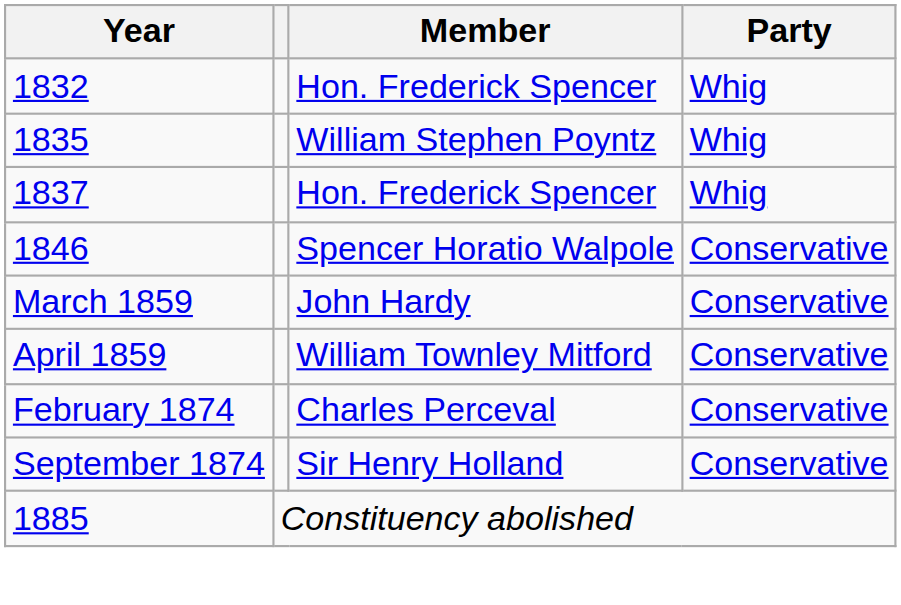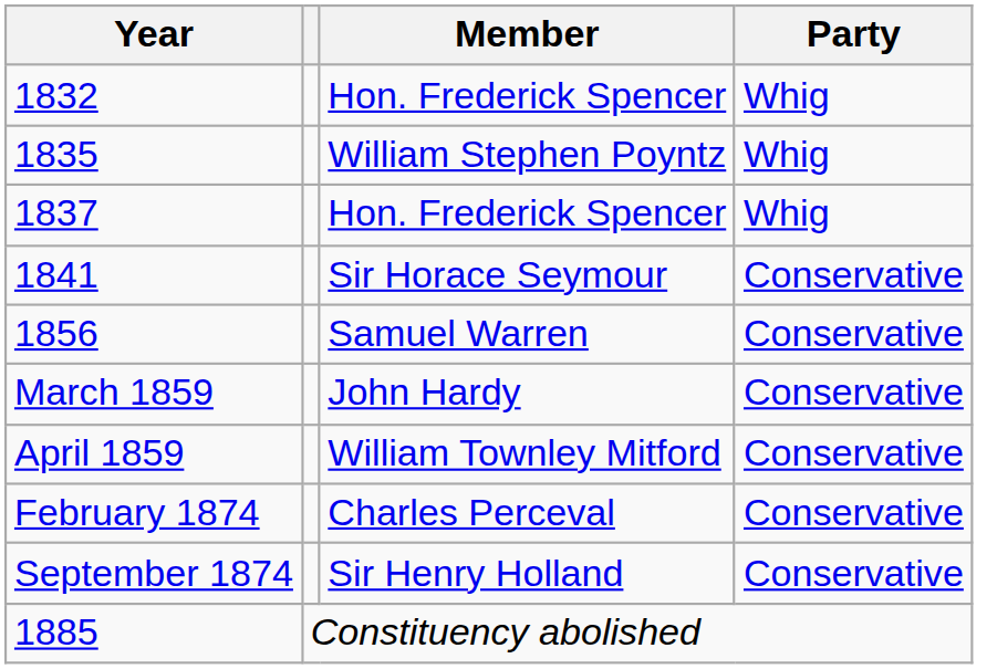 <table class="wikitable">
 <tr>
 <th>Year</th>
 <th></th>
 <th>Member</th>
 <th>Party</th>
 </tr>
 <tr>
 <td><a href='#'>1832</a></td>
 <td style="color:inherit;background-color: "></td>
 <td><a href='#'>Hon. Frederick Spencer</a></td>
 <td><a href='#'>Whig</a></td>
 </tr>
 <tr>
 <td><a href='#'>1835</a></td>
 <td style="color:inherit;background-color: "></td>
 <td><a href='#'>William Stephen Poyntz</a></td>
 <td><a href='#'>Whig</a></td>
 </tr>
 <tr>
 <td><a href='#'>1837</a></td>
 <td style="color:inherit;background-color: "></td>
 <td><a href='#'>Hon. Frederick Spencer</a></td>
 <td><a href='#'>Whig</a></td>
 </tr>
 <tr>
-<td><a href='#'>1846</a></td>
+<td><a href='#'>1841</a></td>
 <td style="color:inherit;background-color: "></td>
-<td><a href='#'>Spencer Horatio Walpole</a></td>
+<td><a href='#'>Sir Horace Seymour</a></td>
+<td><a href='#'>Conservative</a></td>
+</tr>
+<tr>
+<td><a href='#'>1856</a></td>
+<td style="color:inherit;background-color: "></td>
+<td><a href='#'>Samuel Warren</a></td>
 <td><a href='#'>Conservative</a></td>
 </tr>
 <tr>
 <td><a href='#'>March 1859</a></td>
 <td style="color:inherit;background-color: "></td>
 <td><a href='#'>John Hardy</a></td>
 <td><a href='#'>Conservative</a></td>
 </tr>
 <tr>
 <td><a href='#'>April 1859</a></td>
 <td style="color:inherit;background-color: "></td>
 <td><a href='#'>William Townley Mitford</a></td>
 <td><a href='#'>Conservative</a></td>
 </tr>
 <tr>
 <td><a href='#'>February 1874</a></td>
 <td style="color:inherit;background-color: "></td>
 <td><a href='#'>Charles Perceval</a></td>
 <td><a href='#'>Conservative</a></td>
 </tr>
 <tr>
 <td><a href='#'>September 1874</a></td>
 <td style="color:inherit;background-color: "></td>
 <td><a href='#'>Sir Henry Holland</a></td>
 <td><a href='#'>Conservative</a></td>
 </tr>
 <tr>
 <td><a href='#'>1885</a></td>
 <td colspan="3"><em>Constituency abolished</em></td>
 </tr>
 </table>
